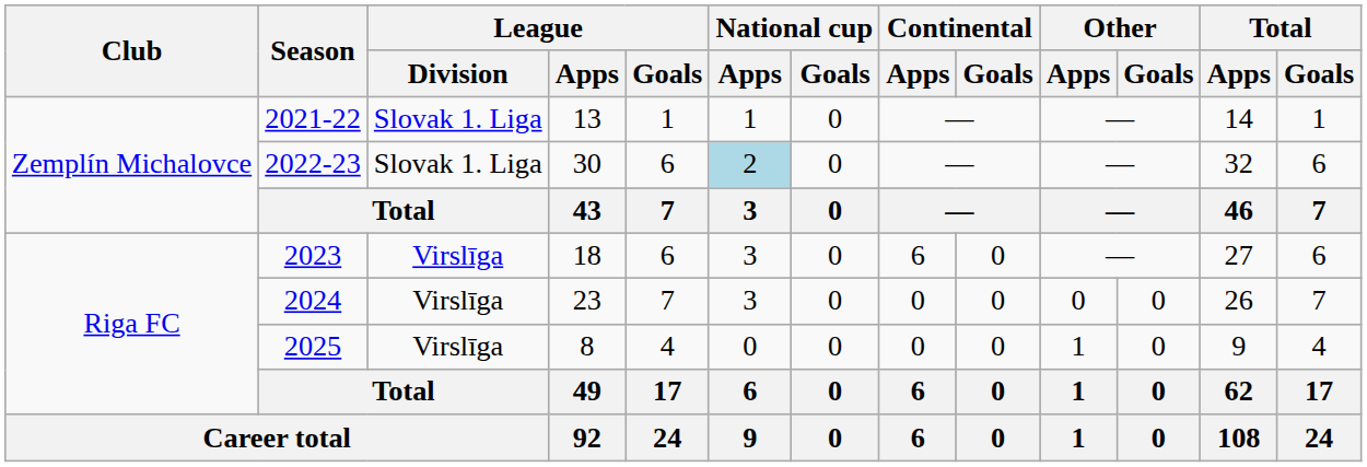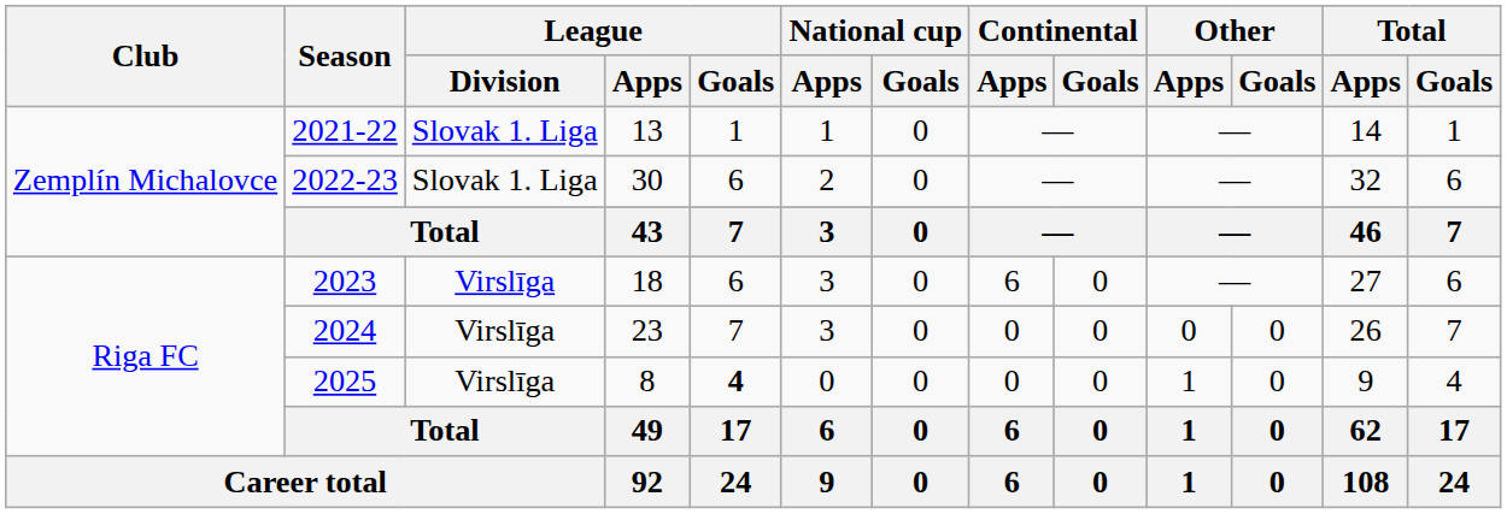 <table class="wikitable" style="text-align:center">
 <tr>
 <th rowspan="2">Club</th>
 <th rowspan="2">Season</th>
 <th colspan="3">League</th>
 <th colspan="2">National cup</th>
 <th colspan="2">Continental</th>
 <th colspan="2">Other</th>
 <th colspan="2">Total</th>
 </tr>
 <tr>
 <th>Division</th>
 <th>Apps</th>
 <th>Goals</th>
 <th>Apps</th>
 <th>Goals</th>
 <th>Apps</th>
 <th>Goals</th>
 <th>Apps</th>
 <th>Goals</th>
 <th>Apps</th>
 <th>Goals</th>
 </tr>
 <tr>
 <td rowspan="3"><a href='#'>Zemplín Michalovce</a></td>
 <td><a href='#'>2021-22</a></td>
 <td><a href='#'>Slovak 1. Liga</a></td>
 <td>13</td>
 <td>1</td>
 <td>1</td>
 <td>0</td>
 <td colspan="2">—</td>
 <td colspan="2">—</td>
 <td>14</td>
 <td>1</td>
 </tr>
 <tr>
 <td><a href='#'>2022-23</a></td>
 <td>Slovak 1. Liga</td>
 <td>30</td>
 <td>6</td>
-<td style="background: lightblue;">2</td>
+<td>2</td>
 <td>0</td>
 <td colspan="2">—</td>
 <td colspan="2">—</td>
 <td>32</td>
 <td>6</td>
 </tr>
 <tr>
 <th colspan="2">Total</th>
 <th>43</th>
 <th>7</th>
 <th>3</th>
 <th>0</th>
 <th colspan="2">—</th>
 <th colspan="2">—</th>
 <th>46</th>
 <th>7</th>
 </tr>
 <tr>
 <td rowspan="4"><a href='#'>Riga FC</a></td>
 <td><a href='#'>2023</a></td>
 <td><a href='#'>Virslīga</a></td>
 <td>18</td>
 <td>6</td>
 <td>3</td>
 <td>0</td>
 <td>6</td>
 <td>0</td>
 <td colspan="2">—</td>
 <td>27</td>
 <td>6</td>
 </tr>
 <tr>
 <td><a href='#'>2024</a></td>
 <td>Virslīga</td>
 <td>23</td>
 <td>7</td>
 <td>3</td>
 <td>0</td>
 <td>0</td>
 <td>0</td>
 <td>0</td>
 <td>0</td>
 <td>26</td>
 <td>7</td>
 </tr>
 <tr>
 <td><a href='#'>2025</a></td>
 <td>Virslīga</td>
 <td>8</td>
-<td>4</td>
+<td><strong>4</strong></td>
 <td>0</td>
 <td>0</td>
 <td>0</td>
 <td>0</td>
 <td>1</td>
 <td>0</td>
 <td>9</td>
 <td>4</td>
 </tr>
 <tr>
 <th colspan="2">Total</th>
 <th>49</th>
 <th>17</th>
 <th>6</th>
 <th>0</th>
 <th>6</th>
 <th>0</th>
 <th>1</th>
 <th>0</th>
 <th>62</th>
 <th>17</th>
 </tr>
 <tr>
 <th colspan="3">Career total</th>
 <th>92</th>
 <th>24</th>
 <th>9</th>
 <th>0</th>
 <th>6</th>
 <th>0</th>
 <th>1</th>
 <th>0</th>
 <th>108</th>
 <th>24</th>
 </tr>
 </table>
